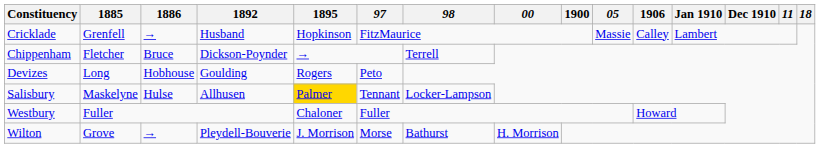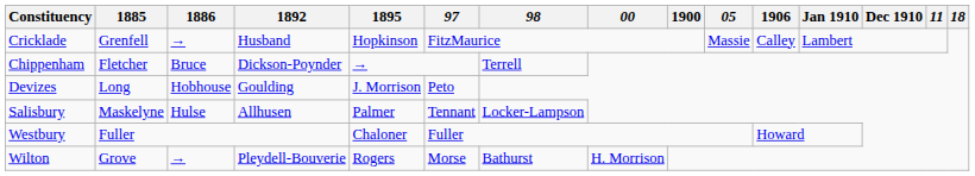 <table class="wikitable">
 <tr>
 <th>Constituency</th>
 <th>1885</th>
 <th>1886</th>
 <th>1892</th>
 <th>1895</th>
 <th><em>97</em></th>
 <th><em>98</em></th>
 <th><em>00</em></th>
 <th>1900</th>
 <th><em>05</em></th>
 <th>1906</th>
 <th>Jan 1910</th>
 <th>Dec 1910</th>
 <th><em>11</em></th>
 <th><em>18</em></th>
 </tr>
 <tr>
 <td><a href='#'>Cricklade</a></td>
 <td><a href='#'>Grenfell</a></td>
 <td><a href='#'>→</a></td>
 <td><a href='#'>Husband</a></td>
 <td><a href='#'>Hopkinson</a></td>
 <td colspan="4"><a href='#'>FitzMaurice</a></td>
 <td><a href='#'>Massie</a></td>
 <td><a href='#'>Calley</a></td>
 <td colspan="3"><a href='#'>Lambert</a></td>
 </tr>
 <tr>
 <td><a href='#'>Chippenham</a></td>
 <td><a href='#'>Fletcher</a></td>
 <td><a href='#'>Bruce</a></td>
 <td><a href='#'>Dickson-Poynder</a></td>
 <td colspan="2"><a href='#'>→</a></td>
 <td><a href='#'>Terrell</a></td>
 </tr>
 <tr>
 <td><a href='#'>Devizes</a></td>
 <td><a href='#'>Long</a></td>
 <td><a href='#'>Hobhouse</a></td>
 <td><a href='#'>Goulding</a></td>
-<td><a href='#'>Rogers</a></td>
+<td><a href='#'>J. Morrison</a></td>
 <td><a href='#'>Peto</a></td>
 </tr>
 <tr>
 <td><a href='#'>Salisbury</a></td>
 <td><a href='#'>Maskelyne</a></td>
 <td><a href='#'>Hulse</a></td>
 <td><a href='#'>Allhusen</a></td>
-<td style="background: gold;"><a href='#'>Palmer</a></td>
+<td><a href='#'>Palmer</a></td>
 <td><a href='#'>Tennant</a></td>
 <td><a href='#'>Locker-Lampson</a></td>
 </tr>
 <tr>
 <td><a href='#'>Westbury</a></td>
 <td colspan="3"><a href='#'>Fuller</a></td>
 <td><a href='#'>Chaloner</a></td>
 <td colspan="5"><a href='#'>Fuller</a></td>
 <td colspan="2"><a href='#'>Howard</a></td>
 </tr>
 <tr>
 <td><a href='#'>Wilton</a></td>
 <td bgcolor=><a href='#'>Grove</a></td>
 <td><a href='#'>→</a></td>
 <td><a href='#'>Pleydell-Bouverie</a></td>
-<td><a href='#'>J. Morrison</a></td>
+<td><a href='#'>Rogers</a></td>
 <td><a href='#'>Morse</a></td>
 <td><a href='#'>Bathurst</a></td>
 <td><a href='#'>H. Morrison</a></td>
 </tr>
 </table>
